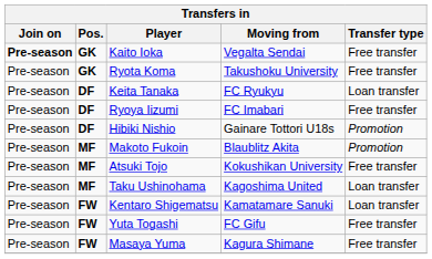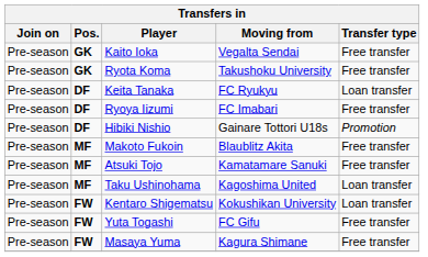 <table class="wikitable sortable" style=“text-align:left;>
 <tr>
 <th colspan="5">Transfers in</th>
 </tr>
 <tr>
 <th>Join on</th>
 <th>Pos.</th>
 <th>Player</th>
 <th>Moving from</th>
 <th>Transfer type</th>
 </tr>
 <tr>
-<td><strong>Pre-season</strong></td>
+<td>Pre-season</td>
 <td><strong>GK</strong></td>
 <td> <a href='#'>Kaito Ioka</a></td>
 <td> <a href='#'>Vegalta Sendai</a></td>
 <td>Free transfer</td>
 </tr>
 <tr>
 <td>Pre-season</td>
 <td><strong>GK</strong></td>
 <td> <a href='#'>Ryota Koma</a></td>
 <td> <a href='#'>Takushoku University</a></td>
 <td>Free transfer</td>
 </tr>
 <tr>
 <td>Pre-season</td>
 <td><strong>DF</strong></td>
 <td> <a href='#'>Keita Tanaka</a></td>
 <td> <a href='#'>FC Ryukyu</a></td>
 <td>Loan transfer</td>
 </tr>
 <tr>
 <td>Pre-season</td>
 <td><strong>DF</strong></td>
 <td> <a href='#'>Ryoya Iizumi</a></td>
 <td> <a href='#'>FC Imabari</a></td>
 <td>Free transfer</td>
 </tr>
 <tr>
 <td>Pre-season</td>
 <td><strong>DF</strong></td>
 <td> <a href='#'>Hibiki Nishio</a></td>
 <td>Gainare Tottori U18s</td>
 <td><em>Promotion</em></td>
 </tr>
 <tr>
 <td>Pre-season</td>
 <td><strong>MF</strong></td>
 <td> <a href='#'>Makoto Fukoin</a></td>
 <td> <a href='#'>Blaublitz Akita</a></td>
-<td><em>Promotion</em></td>
+<td>Free transfer</td>
 </tr>
 <tr>
 <td>Pre-season</td>
 <td><strong>MF</strong></td>
 <td> <a href='#'>Atsuki Tojo</a></td>
-<td> <a href='#'>Kokushikan University</a></td>
+<td> <a href='#'>Kamatamare Sanuki</a></td>
 <td>Free transfer</td>
 </tr>
 <tr>
 <td>Pre-season</td>
 <td><strong>MF</strong></td>
 <td> <a href='#'>Taku Ushinohama</a></td>
 <td> <a href='#'>Kagoshima United</a></td>
 <td>Loan transfer</td>
 </tr>
 <tr>
 <td>Pre-season</td>
 <td><strong>FW</strong></td>
 <td> <a href='#'>Kentaro Shigematsu</a></td>
-<td> <a href='#'>Kamatamare Sanuki</a></td>
+<td> <a href='#'>Kokushikan University</a></td>
 <td>Loan transfer</td>
 </tr>
 <tr>
 <td>Pre-season</td>
 <td><strong>FW</strong></td>
 <td> <a href='#'>Yuta Togashi</a></td>
 <td> <a href='#'>FC Gifu</a></td>
 <td>Free transfer</td>
 </tr>
 <tr>
 <td>Pre-season</td>
 <td><strong>FW</strong></td>
 <td> <a href='#'>Masaya Yuma</a></td>
 <td> <a href='#'>Kagura Shimane</a></td>
 <td>Free transfer</td>
 </tr>
 <tr>
 </tr>
 </table>
